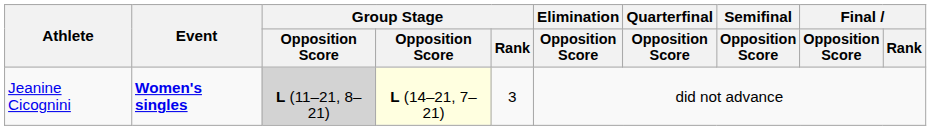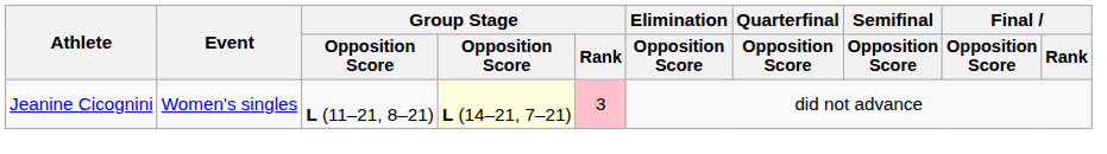 <table class="wikitable" style="font-size:90%">
 <tr>
 <th rowspan=2>Athlete</th>
 <th rowspan=2>Event</th>
 <th colspan=3>Group Stage</th>
 <th>Elimination</th>
 <th>Quarterfinal</th>
 <th>Semifinal</th>
 <th colspan=2>Final / </th>
 </tr>
 <tr style="font-size:95%">
 <th>Opposition<br>Score</th>
 <th>Opposition<br>Score</th>
 <th>Rank</th>
 <th>Opposition<br>Score</th>
 <th>Opposition<br>Score</th>
 <th>Opposition<br>Score</th>
 <th>Opposition<br>Score</th>
 <th>Rank</th>
 </tr>
 <tr align=center>
 <td align=left><a href='#'>Jeanine Cicognini</a></td>
-<td align=left><strong><a href='#'>Women's singles</a></strong></td>
-<td style="background: lightgrey;"><br><strong>L</strong> (11–21, 8–21)</td>
+<td align=left><a href='#'>Women's singles</a></td>
+<td><br><strong>L</strong> (11–21, 8–21)</td>
 <td style="background: lightyellow;"><br><strong>L</strong> (14–21, 7–21)</td>
-<td>3</td>
+<td style="background: pink;">3</td>
 <td colspan=5>did not advance</td>
 </tr>
 </table>
